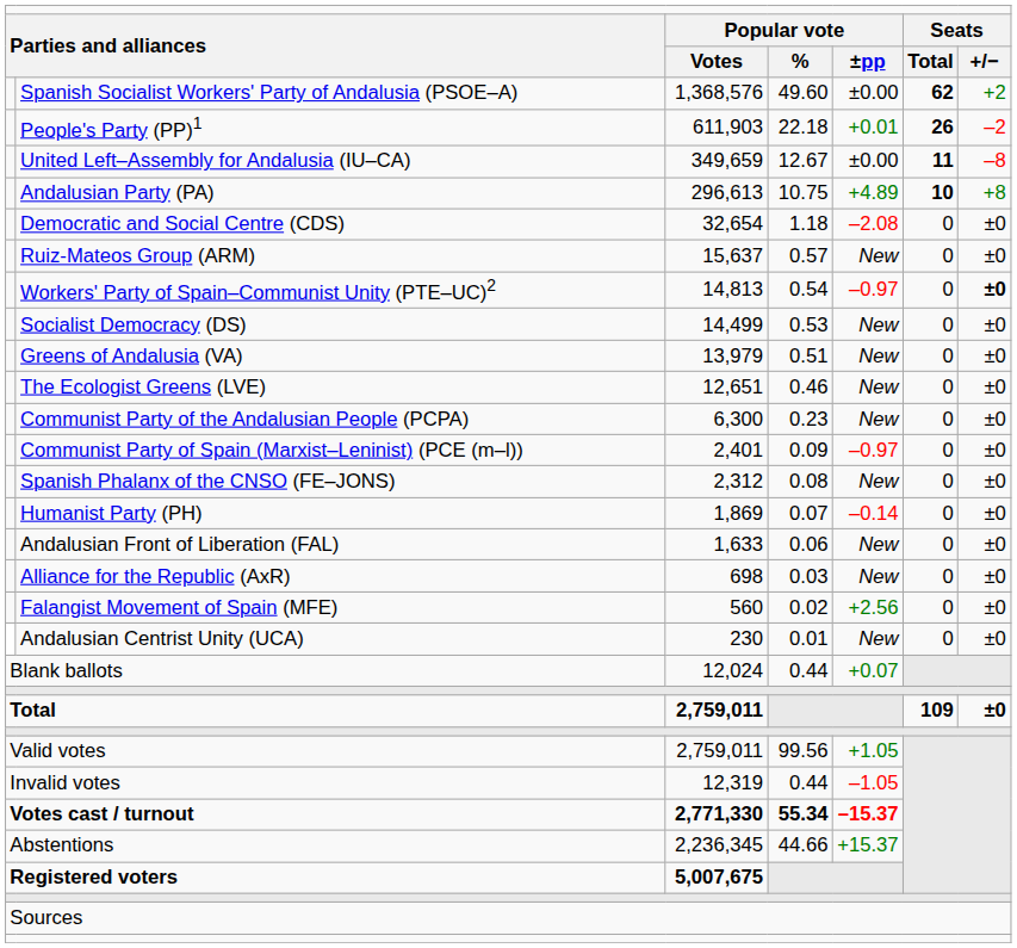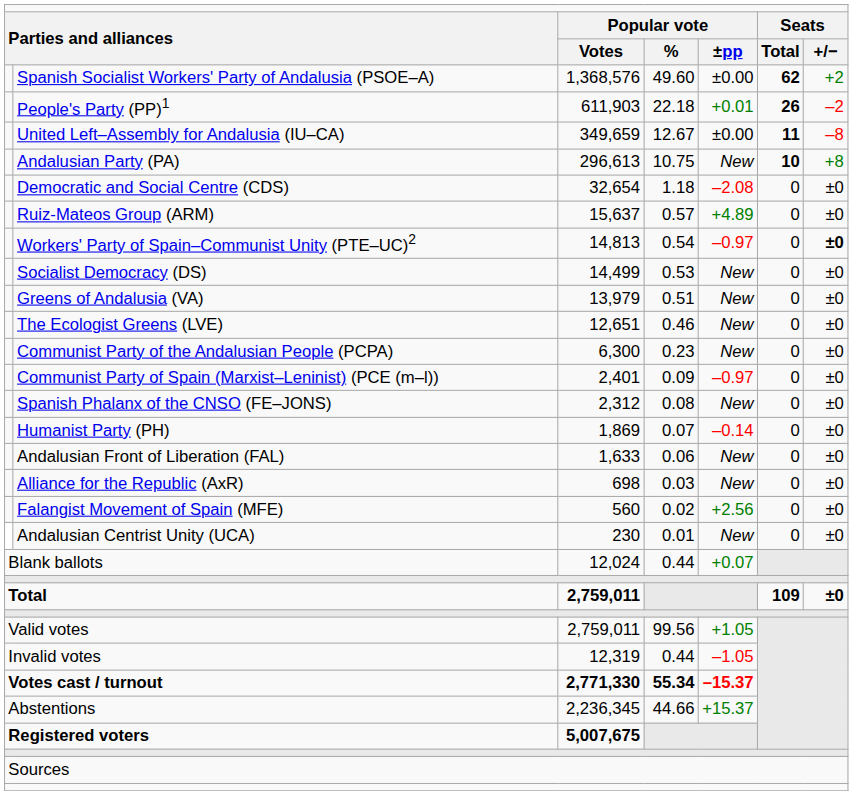 <table class="wikitable" style="text-align:right;">
 <tr>
 <td colspan="7"></td>
 </tr>
 <tr>
 <th style="text-align:left;" rowspan="2" colspan="2" width="525">Parties and alliances</th>
 <th colspan="3">Popular vote</th>
 <th colspan="2">Seats</th>
 </tr>
 <tr>
 <th width="75">Votes</th>
 <th width="45">%</th>
 <th width="45">±<a href='#'>pp</a></th>
 <th width="35">Total</th>
 <th width="35">+/−</th>
 </tr>
 <tr>
 <td width="1" style="color:inherit;background:"></td>
 <td align="left"><a href='#'>Spanish Socialist Workers' Party of Andalusia</a> (PSOE–A)</td>
 <td>1,368,576</td>
 <td>49.60</td>
 <td>±0.00</td>
 <td><strong>62</strong></td>
 <td style="color:green;">+2</td>
 </tr>
 <tr>
 <td style="color:inherit;background:"></td>
 <td align="left"><a href='#'>People's Party</a> (PP)<sup>1</sup></td>
 <td>611,903</td>
 <td>22.18</td>
 <td style="color:green;">+0.01</td>
 <td><strong>26</strong></td>
 <td style="color:red;">–2</td>
 </tr>
 <tr>
 <td style="color:inherit;background:"></td>
 <td align="left"><a href='#'>United Left–Assembly for Andalusia</a> (IU–CA)</td>
 <td>349,659</td>
 <td>12.67</td>
 <td>±0.00</td>
 <td><strong>11</strong></td>
 <td style="color:red;">–8</td>
 </tr>
 <tr>
 <td style="color:inherit;background:"></td>
 <td align="left"><a href='#'>Andalusian Party</a> (PA)</td>
 <td>296,613</td>
 <td>10.75</td>
-<td style="color:green;">+4.89</td>
+<td><em>New</em></td>
 <td><strong>10</strong></td>
 <td style="color:green;">+8</td>
 </tr>
 <tr>
 <td style="color:inherit;background:"></td>
 <td align="left"><a href='#'>Democratic and Social Centre</a> (CDS)</td>
 <td>32,654</td>
 <td>1.18</td>
 <td style="color:red;">–2.08</td>
 <td>0</td>
 <td>±0</td>
 </tr>
 <tr>
 <td style="color:inherit;background:"></td>
 <td align="left"><a href='#'>Ruiz-Mateos Group</a> (ARM)</td>
 <td>15,637</td>
 <td>0.57</td>
-<td><em>New</em></td>
+<td style="color:green;">+4.89</td>
 <td>0</td>
 <td>±0</td>
 </tr>
 <tr>
 <td style="color:inherit;background:"></td>
 <td align="left"><a href='#'>Workers' Party of Spain–Communist Unity</a> (PTE–UC)<sup>2</sup></td>
 <td>14,813</td>
 <td>0.54</td>
 <td style="color:red;">–0.97</td>
 <td>0</td>
 <td><strong>±0</strong></td>
 </tr>
 <tr>
 <td style="color:inherit;background:"></td>
 <td align="left"><a href='#'>Socialist Democracy</a> (DS)</td>
 <td>14,499</td>
 <td>0.53</td>
 <td><em>New</em></td>
 <td>0</td>
 <td>±0</td>
 </tr>
 <tr>
 <td style="color:inherit;background:"></td>
 <td align="left"><a href='#'>Greens of Andalusia</a> (VA)</td>
 <td>13,979</td>
 <td>0.51</td>
 <td><em>New</em></td>
 <td>0</td>
 <td>±0</td>
 </tr>
 <tr>
 <td style="color:inherit;background:"></td>
 <td align="left"><a href='#'>The Ecologist Greens</a> (LVE)</td>
 <td>12,651</td>
 <td>0.46</td>
 <td><em>New</em></td>
 <td>0</td>
 <td>±0</td>
 </tr>
 <tr>
 <td style="color:inherit;background:"></td>
 <td align="left"><a href='#'>Communist Party of the Andalusian People</a> (PCPA)</td>
 <td>6,300</td>
 <td>0.23</td>
 <td><em>New</em></td>
 <td>0</td>
 <td>±0</td>
 </tr>
 <tr>
 <td style="color:inherit;background:"></td>
 <td align="left"><a href='#'>Communist Party of Spain (Marxist–Leninist)</a> (PCE (m–l))</td>
 <td>2,401</td>
 <td>0.09</td>
 <td style="color:red;">–0.97</td>
 <td>0</td>
 <td>±0</td>
 </tr>
 <tr>
 <td style="color:inherit;background:"></td>
 <td align="left"><a href='#'>Spanish Phalanx of the CNSO</a> (FE–JONS)</td>
 <td>2,312</td>
 <td>0.08</td>
 <td><em>New</em></td>
 <td>0</td>
 <td>±0</td>
 </tr>
 <tr>
 <td style="color:inherit;background:"></td>
 <td align="left"><a href='#'>Humanist Party</a> (PH)</td>
 <td>1,869</td>
 <td>0.07</td>
 <td style="color:red;">–0.14</td>
 <td>0</td>
 <td>±0</td>
 </tr>
 <tr>
 <td style="color:inherit;background:"></td>
 <td align="left">Andalusian Front of Liberation (FAL)</td>
 <td>1,633</td>
 <td>0.06</td>
 <td><em>New</em></td>
 <td>0</td>
 <td>±0</td>
 </tr>
 <tr>
 <td style="color:inherit;background:"></td>
 <td align="left"><a href='#'>Alliance for the Republic</a> (AxR)</td>
 <td>698</td>
 <td>0.03</td>
 <td><em>New</em></td>
 <td>0</td>
 <td>±0</td>
 </tr>
 <tr>
 <td style="color:inherit;background:"></td>
 <td align="left"><a href='#'>Falangist Movement of Spain</a> (MFE)</td>
 <td>560</td>
 <td>0.02</td>
 <td style="color:green;">+2.56</td>
 <td>0</td>
 <td>±0</td>
 </tr>
 <tr>
 <td bgcolor="white"></td>
 <td align="left">Andalusian Centrist Unity (UCA)</td>
 <td>230</td>
 <td>0.01</td>
 <td><em>New</em></td>
 <td>0</td>
 <td>±0</td>
 </tr>
 <tr>
 <td align="left" colspan="2">Blank ballots</td>
 <td>12,024</td>
 <td>0.44</td>
 <td style="color:green;">+0.07</td>
 <td bgcolor="#E9E9E9" colspan="2"></td>
 </tr>
 <tr>
 <td colspan="7" bgcolor="#E9E9E9"></td>
 </tr>
 <tr style="font-weight:bold;">
 <td align="left" colspan="2">Total</td>
 <td>2,759,011</td>
 <td bgcolor="#E9E9E9" colspan="2"></td>
 <td>109</td>
 <td>±0</td>
 </tr>
 <tr>
 <td colspan="7" bgcolor="#E9E9E9"></td>
 </tr>
 <tr>
 <td align="left" colspan="2">Valid votes</td>
 <td>2,759,011</td>
 <td>99.56</td>
 <td style="color:green;">+1.05</td>
 <td bgcolor="#E9E9E9" colspan="2" rowspan="5"></td>
 </tr>
 <tr>
 <td align="left" colspan="2">Invalid votes</td>
 <td>12,319</td>
 <td>0.44</td>
 <td style="color:red;">–1.05</td>
 </tr>
 <tr style="font-weight:bold;">
 <td align="left" colspan="2">Votes cast / turnout</td>
 <td>2,771,330</td>
 <td>55.34</td>
 <td style="color:red;">–15.37</td>
 </tr>
 <tr>
 <td align="left" colspan="2">Abstentions</td>
 <td>2,236,345</td>
 <td>44.66</td>
 <td style="color:green;">+15.37</td>
 </tr>
 <tr style="font-weight:bold;">
 <td align="left" colspan="2">Registered voters</td>
 <td>5,007,675</td>
 <td bgcolor="#E9E9E9" colspan="2"></td>
 </tr>
 <tr>
 <td colspan="7" bgcolor="#E9E9E9"></td>
 </tr>
 <tr>
 <td align="left" colspan="7">Sources</td>
 </tr>
 <tr>
 <td colspan="7" style="text-align:left; max-width:790px;"></td>
 </tr>
 </table>
